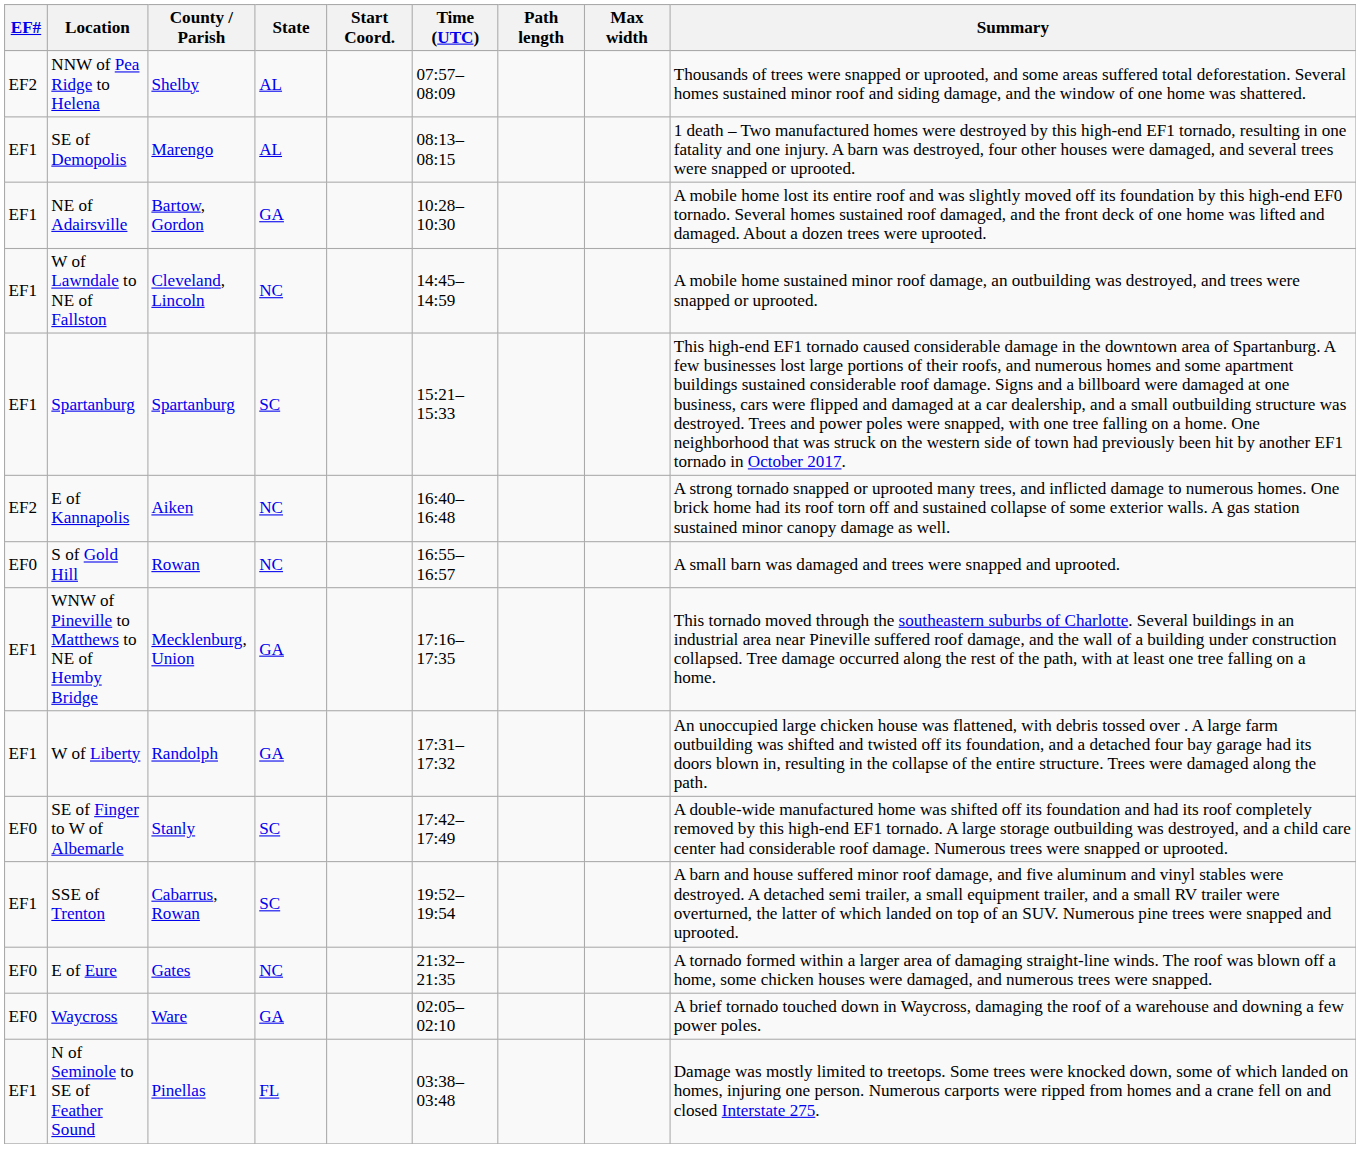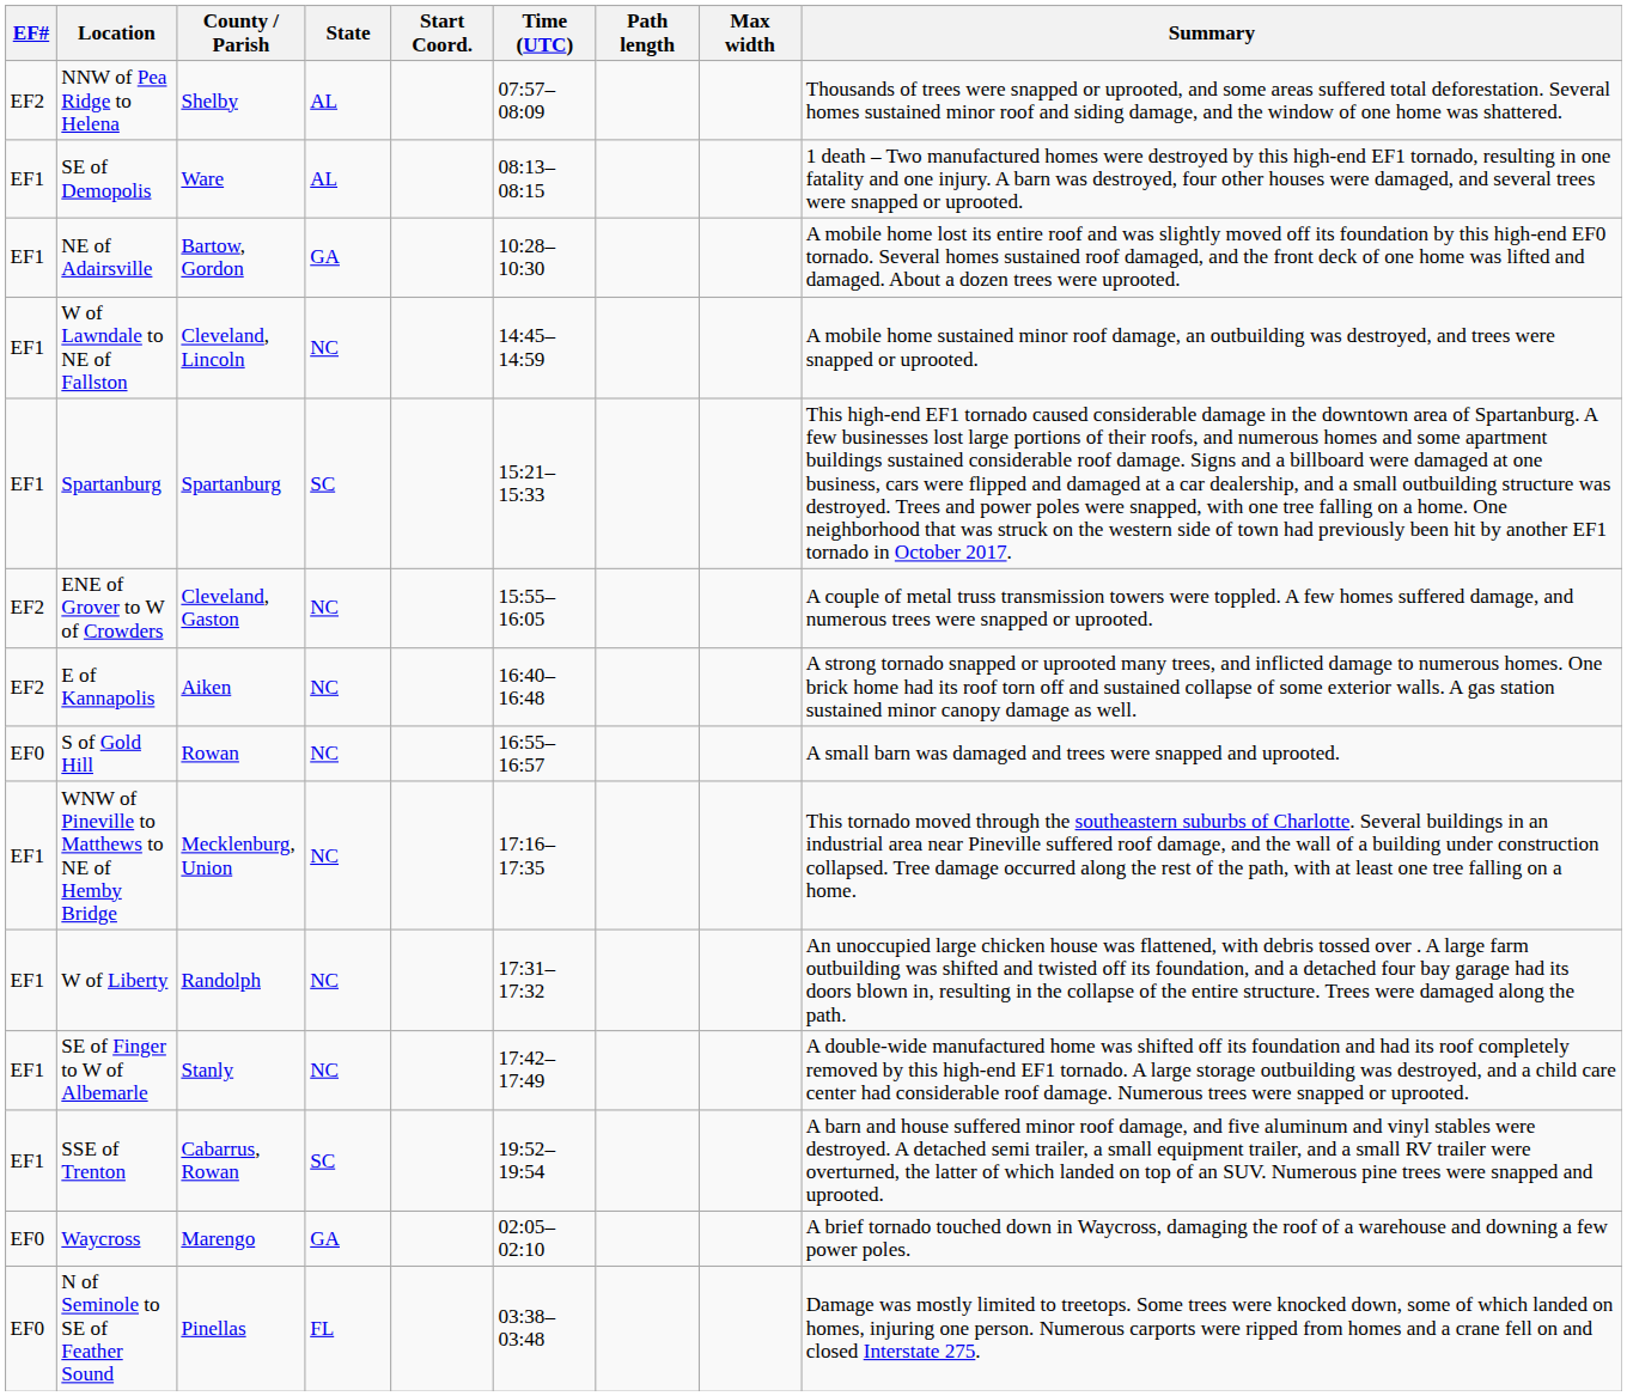 <table class="wikitable sortable" style="width:100%;">
 <tr>
 <th scope="col"  style="width:3%; text-align:center;"><a href='#'>EF#</a></th>
 <th scope="col"  style="width:7%; text-align:center;" class="unsortable">Location</th>
 <th scope="col"  style="width:6%; text-align:center;" class="unsortable">County / Parish</th>
 <th scope="col"  style="width:5%; text-align:center;">State</th>
 <th scope="col"  style="width:6%; text-align:center;">Start Coord.</th>
 <th scope="col"  style="width:6%; text-align:center;">Time (<a href='#'>UTC</a>)</th>
 <th scope="col"  style="width:6%; text-align:center;">Path length</th>
 <th scope="col"  style="width:6%; text-align:center;">Max width</th>
 <th scope="col" class="unsortable" style="width:48%; text-align:center;">Summary</th>
 </tr>
 <tr>
 <td>EF2</td>
 <td>NNW of <a href='#'>Pea Ridge</a> to <a href='#'>Helena</a></td>
 <td><a href='#'>Shelby</a></td>
 <td><a href='#'>AL</a></td>
 <td></td>
 <td>07:57–08:09</td>
 <td></td>
 <td></td>
 <td>Thousands of trees were snapped or uprooted, and some areas suffered total deforestation. Several homes sustained minor roof and siding damage, and the window of one home was shattered.</td>
 </tr>
 <tr>
 <td>EF1</td>
 <td>SE of <a href='#'>Demopolis</a></td>
-<td><a href='#'>Marengo</a></td>
+<td><a href='#'>Ware</a></td>
 <td><a href='#'>AL</a></td>
 <td></td>
 <td>08:13–08:15</td>
 <td></td>
 <td></td>
 <td>1 death – Two manufactured homes were destroyed by this high-end EF1 tornado, resulting in one fatality and one injury. A barn was destroyed, four other houses were damaged, and several trees were snapped or uprooted.</td>
 </tr>
 <tr>
 <td>EF1</td>
 <td>NE of <a href='#'>Adairsville</a></td>
 <td><a href='#'>Bartow</a>, <a href='#'>Gordon</a></td>
 <td><a href='#'>GA</a></td>
 <td></td>
 <td>10:28–10:30</td>
 <td></td>
 <td></td>
 <td>A mobile home lost its entire roof and was slightly moved off its foundation by this high-end EF0 tornado. Several homes sustained roof damaged, and the front deck of one home was lifted and damaged. About a dozen trees were uprooted.</td>
 </tr>
 <tr>
 <td>EF1</td>
 <td>W of <a href='#'>Lawndale</a> to NE of <a href='#'>Fallston</a></td>
 <td><a href='#'>Cleveland</a>, <a href='#'>Lincoln</a></td>
 <td><a href='#'>NC</a></td>
 <td></td>
 <td>14:45–14:59</td>
 <td></td>
 <td></td>
 <td>A mobile home sustained minor roof damage, an outbuilding was destroyed, and trees were snapped or uprooted.</td>
 </tr>
 <tr>
 <td>EF1</td>
 <td><a href='#'>Spartanburg</a></td>
 <td><a href='#'>Spartanburg</a></td>
 <td><a href='#'>SC</a></td>
 <td></td>
 <td>15:21–15:33</td>
 <td></td>
 <td></td>
 <td>This high-end EF1 tornado caused considerable damage in the downtown area of Spartanburg. A few businesses lost large portions of their roofs, and numerous homes and some apartment buildings sustained considerable roof damage. Signs and a billboard were damaged at one business, cars were flipped and damaged at a car dealership, and a small outbuilding structure was destroyed. Trees and power poles were snapped, with one tree falling on a home. One neighborhood that was struck on the western side of town had previously been hit by another EF1 tornado in <a href='#'>October 2017</a>.</td>
 </tr>
 <tr>
 <td>EF2</td>
+<td>ENE of <a href='#'>Grover</a> to W of <a href='#'>Crowders</a></td>
+<td><a href='#'>Cleveland</a>, <a href='#'>Gaston</a></td>
+<td><a href='#'>NC</a></td>
+<td></td>
+<td>15:55–16:05</td>
+<td></td>
+<td></td>
+<td>A couple of metal truss transmission towers were toppled. A few homes suffered damage, and numerous trees were snapped or uprooted.</td>
+</tr>
+<tr>
+<td>EF2</td>
 <td>E of <a href='#'>Kannapolis</a></td>
 <td><a href='#'>Aiken</a></td>
 <td><a href='#'>NC</a></td>
 <td></td>
 <td>16:40–16:48</td>
 <td></td>
 <td></td>
 <td>A strong tornado snapped or uprooted many trees, and inflicted damage to numerous homes. One brick home had its roof torn off and sustained collapse of some exterior walls. A gas station sustained minor canopy damage as well.</td>
 </tr>
 <tr>
 <td>EF0</td>
 <td>S of <a href='#'>Gold Hill</a></td>
 <td><a href='#'>Rowan</a></td>
 <td><a href='#'>NC</a></td>
 <td></td>
 <td>16:55–16:57</td>
 <td></td>
 <td></td>
 <td>A small barn was damaged and trees were snapped and uprooted.</td>
 </tr>
 <tr>
 <td>EF1</td>
 <td>WNW of <a href='#'>Pineville</a> to <a href='#'>Matthews</a> to NE of <a href='#'>Hemby Bridge</a></td>
 <td><a href='#'>Mecklenburg</a>, <a href='#'>Union</a></td>
-<td><a href='#'>GA</a></td>
+<td><a href='#'>NC</a></td>
 <td></td>
 <td>17:16–17:35</td>
 <td></td>
 <td></td>
 <td>This tornado moved through the <a href='#'>southeastern suburbs of Charlotte</a>. Several buildings in an industrial area near Pineville suffered roof damage, and the wall of a building under construction collapsed. Tree damage occurred along the rest of the path, with at least one tree falling on a home.</td>
 </tr>
 <tr>
 <td>EF1</td>
 <td>W of <a href='#'>Liberty</a></td>
 <td><a href='#'>Randolph</a></td>
-<td><a href='#'>GA</a></td>
+<td><a href='#'>NC</a></td>
 <td></td>
 <td>17:31–17:32</td>
 <td></td>
 <td></td>
 <td>An unoccupied large chicken house was flattened, with debris tossed over . A large farm outbuilding was shifted and twisted off its foundation, and a detached four bay garage had its doors blown in, resulting in the collapse of the entire structure. Trees were damaged along the path.</td>
 </tr>
 <tr>
-<td>EF0</td>
+<td>EF1</td>
 <td>SE of <a href='#'>Finger</a> to W of <a href='#'>Albemarle</a></td>
 <td><a href='#'>Stanly</a></td>
-<td><a href='#'>SC</a></td>
+<td><a href='#'>NC</a></td>
 <td></td>
 <td>17:42–17:49</td>
 <td></td>
 <td></td>
 <td>A double-wide manufactured home was shifted off its foundation and had its roof completely removed by this high-end EF1 tornado. A large storage outbuilding was destroyed, and a child care center had considerable roof damage. Numerous trees were snapped or uprooted.</td>
 </tr>
 <tr>
 <td>EF1</td>
 <td>SSE of <a href='#'>Trenton</a></td>
 <td><a href='#'>Cabarrus</a>, <a href='#'>Rowan</a></td>
 <td><a href='#'>SC</a></td>
 <td></td>
 <td>19:52–19:54</td>
 <td></td>
 <td></td>
 <td>A barn and house suffered minor roof damage, and five aluminum and vinyl stables were destroyed. A detached semi trailer, a small equipment trailer, and a small RV trailer were overturned, the latter of which landed on top of an SUV. Numerous pine trees were snapped and uprooted.</td>
 </tr>
 <tr>
 <td>EF0</td>
-<td>E of <a href='#'>Eure</a></td>
-<td><a href='#'>Gates</a></td>
-<td><a href='#'>NC</a></td>
-<td></td>
-<td>21:32–21:35</td>
-<td></td>
-<td></td>
-<td>A tornado formed within a larger area of damaging straight-line winds. The roof was blown off a home, some chicken houses were damaged, and numerous trees were snapped.</td>
-</tr>
-<tr>
-<td>EF0</td>
 <td><a href='#'>Waycross</a></td>
-<td><a href='#'>Ware</a></td>
+<td><a href='#'>Marengo</a></td>
 <td><a href='#'>GA</a></td>
 <td></td>
 <td>02:05–02:10</td>
 <td></td>
 <td></td>
 <td>A brief tornado touched down in Waycross, damaging the roof of a warehouse and downing a few power poles.</td>
 </tr>
 <tr>
-<td>EF1</td>
+<td>EF0</td>
 <td>N of <a href='#'>Seminole</a> to SE of <a href='#'>Feather Sound</a></td>
 <td><a href='#'>Pinellas</a></td>
 <td><a href='#'>FL</a></td>
 <td></td>
 <td>03:38–03:48</td>
 <td></td>
 <td></td>
 <td>Damage was mostly limited to treetops. Some trees were knocked down, some of which landed on homes, injuring one person. Numerous carports were ripped from homes and a crane fell on and closed <a href='#'>Interstate 275</a>.</td>
 </tr>
 <tr>
 </tr>
 </table>
